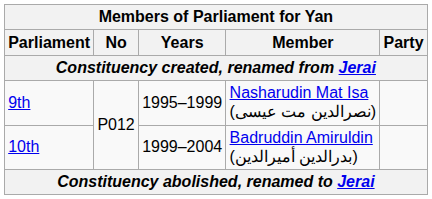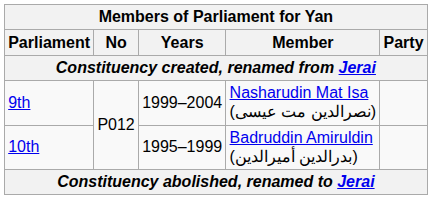 <table class=wikitable>
 <tr>
 <th colspan="5">Members of Parliament for Yan</th>
 </tr>
 <tr>
 <th>Parliament</th>
 <th>No</th>
 <th>Years</th>
 <th>Member</th>
 <th>Party</th>
 </tr>
 <tr>
 <th colspan="5" align="center"><em>Constituency created, renamed from <a href='#'>Jerai</a></em></th>
 </tr>
 <tr>
 <td><a href='#'>9th</a></td>
 <td rowspan="2">P012</td>
-<td>1995–1999</td>
+<td>1999–2004</td>
 <td><a href='#'>Nasharudin Mat Isa</a> <br>  (نصرالدين مت عيسى)</td>
 <td></td>
 </tr>
 <tr>
 <td><a href='#'>10th</a></td>
-<td>1999–2004</td>
+<td>1995–1999</td>
 <td><a href='#'>Badruddin Amiruldin</a> <br>  (بدرالدين أميرالدين)</td>
 <td></td>
 </tr>
 <tr>
 <th colspan="5" align="center"><em>Constituency abolished, renamed to <a href='#'>Jerai</a></em></th>
 </tr>
 </table>
